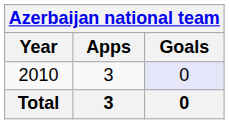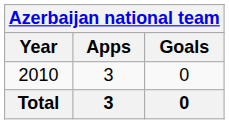 <table class="wikitable" style="text-align:center">
 <tr>
 <th colspan=3><a href='#'>Azerbaijan national team</a></th>
 </tr>
 <tr>
 <th>Year</th>
 <th>Apps</th>
 <th>Goals</th>
 </tr>
 <tr>
 <td>2010</td>
 <td>3</td>
-<td style="background: lavender;">0</td>
+<td>0</td>
 </tr>
 <tr>
 <th>Total</th>
 <th>3</th>
 <th>0</th>
 </tr>
 </table>
